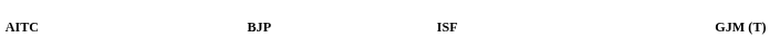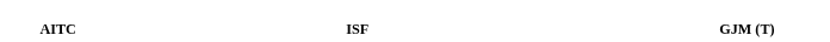 <table style="width:100%; text-align:center;">
 <tr style="color:white;">
 <td style="background:"><strong>215</strong></td>
-<td style="background:"><strong>77</strong></td>
 <td style="background:"><strong>1</strong></td>
 <td style="background:"><strong>1</strong></td>
 </tr>
 <tr>
 <td><span><strong>AITC</strong></span></td>
-<td><span><strong>BJP</strong></span></td>
 <td><span><strong>ISF</strong></span></td>
 <td><span><strong>GJM (T)</strong></span></td>
 </tr>
 </table>
